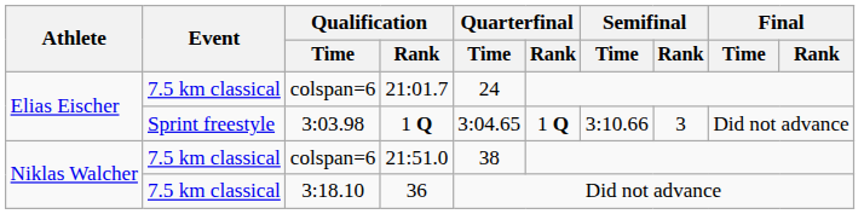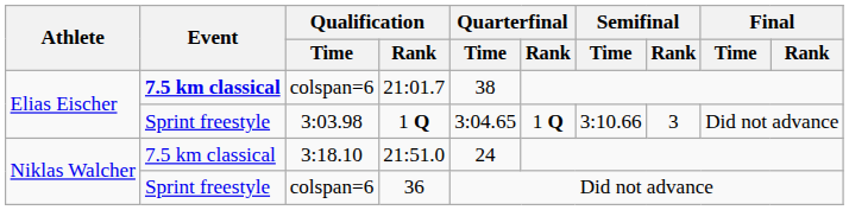 <table class="wikitable" style="font-size:90%">
 <tr>
 <th rowspan="2">Athlete</th>
 <th rowspan="2">Event</th>
 <th colspan="2">Qualification</th>
 <th colspan="2">Quarterfinal</th>
 <th colspan="2">Semifinal</th>
 <th colspan="2">Final</th>
 </tr>
 <tr style="font-size:95%">
 <th>Time</th>
 <th>Rank</th>
 <th>Time</th>
 <th>Rank</th>
 <th>Time</th>
 <th>Rank</th>
 <th>Time</th>
 <th>Rank</th>
 </tr>
 <tr align="center">
 <td align="left" rowspan=2><a href='#'>Elias Eischer</a></td>
-<td align=left><a href='#'>7.5 km classical</a></td>
+<td align=left><strong><a href='#'>7.5 km classical</a></strong></td>
 <td>colspan=6</td>
 <td>21:01.7</td>
-<td>24</td>
+<td>38</td>
 </tr>
 <tr align=center>
 <td align=left><a href='#'>Sprint freestyle</a></td>
 <td>3:03.98</td>
 <td>1 <strong>Q</strong></td>
 <td>3:04.65</td>
 <td>1 <strong>Q</strong></td>
 <td>3:10.66</td>
 <td>3</td>
 <td colspan=2>Did not advance</td>
 </tr>
 <tr align="center">
 <td align="left" rowspan=2><a href='#'>Niklas Walcher</a></td>
 <td align=left><a href='#'>7.5 km classical</a></td>
-<td>colspan=6</td>
+<td>3:18.10</td>
 <td>21:51.0</td>
-<td>38</td>
+<td>24</td>
 </tr>
 <tr align=center>
-<td align=left><a href='#'>7.5 km classical</a></td>
-<td>3:18.10</td>
+<td align=left><a href='#'>Sprint freestyle</a></td>
+<td>colspan=6</td>
 <td>36</td>
 <td colspan=6>Did not advance</td>
 </tr>
 </table>
